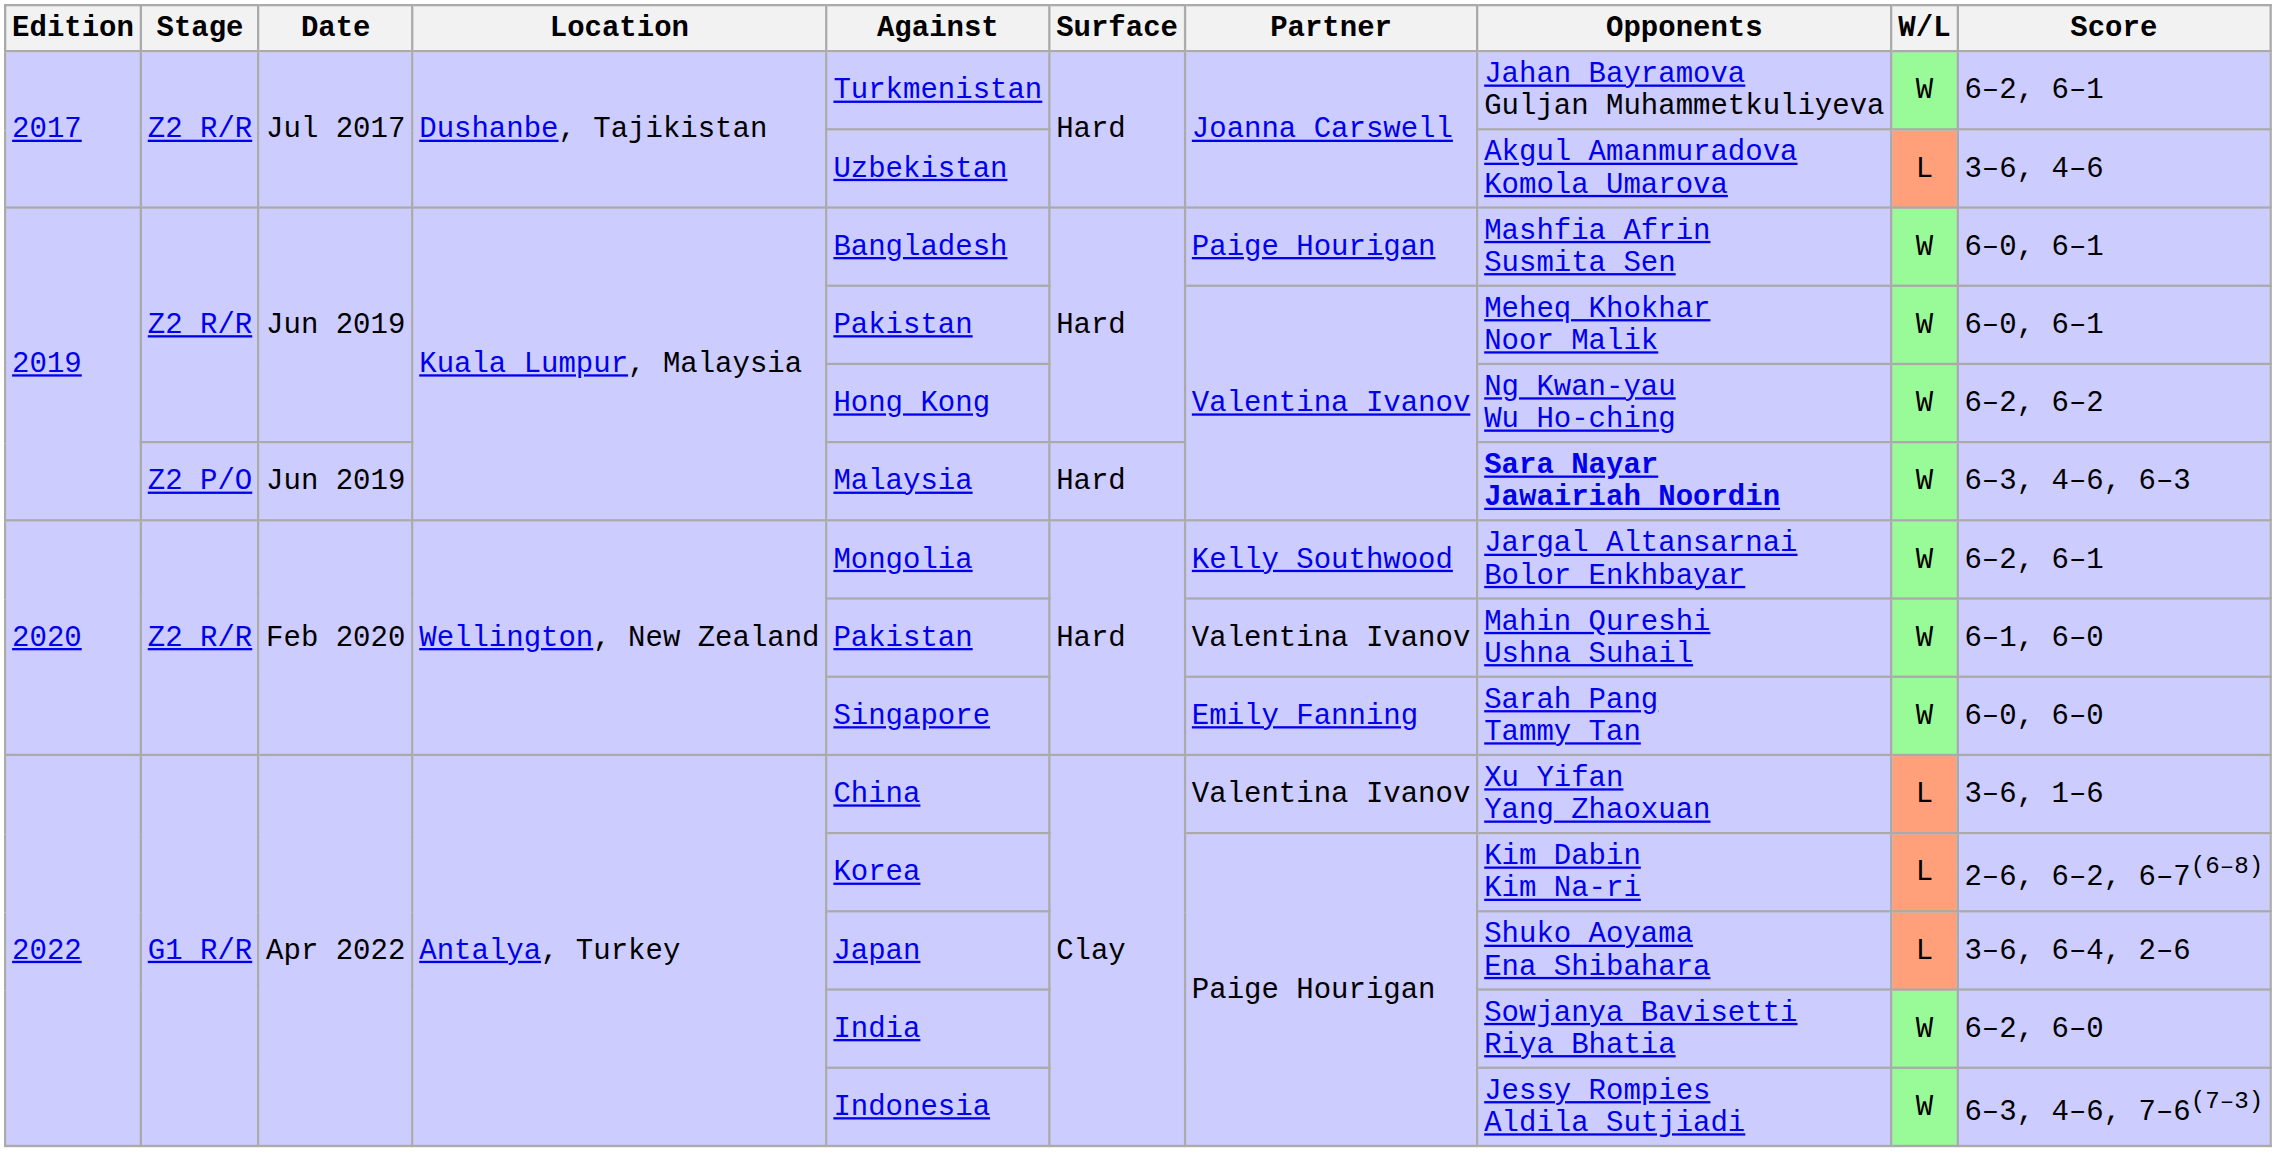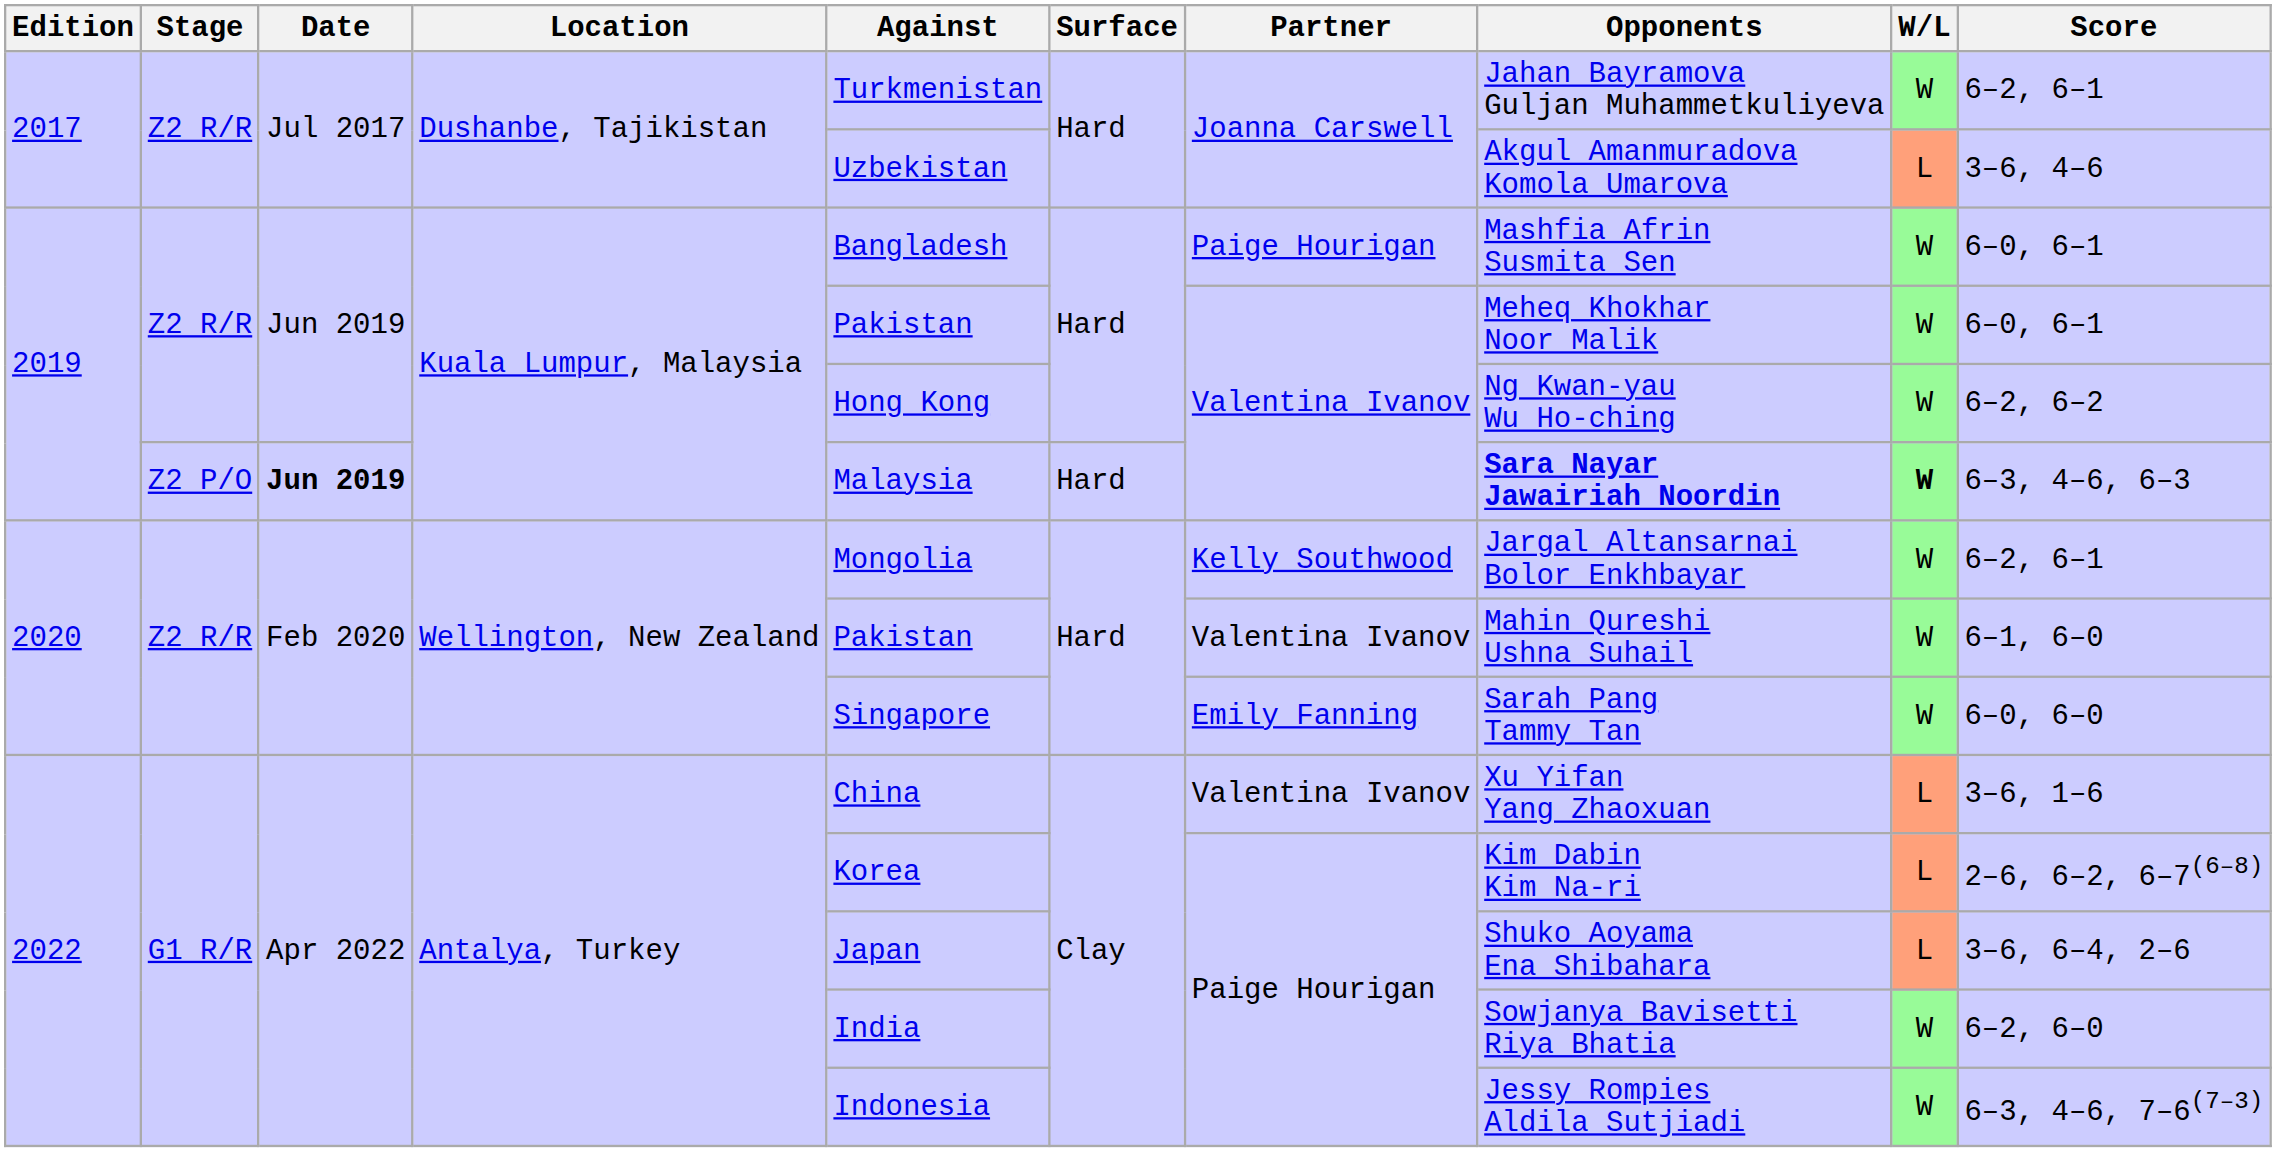 <table class=wikitable style=font-size:97%>
 <tr>
 <th>Edition</th>
 <th>Stage</th>
 <th>Date</th>
 <th>Location</th>
 <th>Against</th>
 <th>Surface</th>
 <th>Partner</th>
 <th>Opponents</th>
 <th>W/L</th>
 <th>Score</th>
 </tr>
 <tr style="background:#ccf;">
 <td rowspan="2"><a href='#'>2017</a></td>
 <td rowspan="2"><a href='#'>Z2 R/R</a></td>
 <td rowspan="2">Jul 2017</td>
 <td rowspan="2"><a href='#'>Dushanbe</a>, Tajikistan</td>
 <td> <a href='#'>Turkmenistan</a></td>
 <td rowspan="2">Hard</td>
 <td rowspan="2"><a href='#'>Joanna Carswell</a></td>
 <td> <a href='#'>Jahan Bayramova</a> <br>  Guljan Muhammetkuliyeva</td>
 <td style="text-align:center; background:#98fb98;">W</td>
 <td>6–2, 6–1</td>
 </tr>
 <tr style="background:#ccf;">
 <td> <a href='#'>Uzbekistan</a></td>
 <td> <a href='#'>Akgul Amanmuradova</a> <br>  <a href='#'>Komola Umarova</a></td>
 <td style="text-align:center; background:#ffa07a;">L</td>
 <td>3–6, 4–6</td>
 </tr>
 <tr style="background:#ccf;">
 <td rowspan="4"><a href='#'>2019</a></td>
 <td rowspan="3"><a href='#'>Z2 R/R</a></td>
 <td rowspan="3">Jun 2019</td>
 <td rowspan="4"><a href='#'>Kuala Lumpur</a>, Malaysia</td>
 <td> <a href='#'>Bangladesh</a></td>
 <td rowspan="3">Hard</td>
 <td><a href='#'>Paige Hourigan</a></td>
 <td> <a href='#'>Mashfia Afrin</a> <br>  <a href='#'>Susmita Sen</a></td>
 <td style="text-align:center; background:#98fb98;">W</td>
 <td>6–0, 6–1</td>
 </tr>
 <tr style="background:#ccf;">
 <td> <a href='#'>Pakistan</a></td>
 <td rowspan="3"><a href='#'>Valentina Ivanov</a></td>
 <td> <a href='#'>Meheq Khokhar</a> <br>  <a href='#'>Noor Malik</a></td>
 <td style="text-align:center; background:#98fb98;">W</td>
 <td>6–0, 6–1</td>
 </tr>
 <tr style="background:#ccf;">
 <td> <a href='#'>Hong Kong</a></td>
 <td> <a href='#'>Ng Kwan-yau</a> <br>  <a href='#'>Wu Ho-ching</a></td>
 <td style="text-align:center; background:#98fb98;">W</td>
 <td>6–2, 6–2</td>
 </tr>
 <tr style="background:#ccf;">
 <td><a href='#'>Z2 P/O</a></td>
-<td>Jun 2019</td>
+<td><strong>Jun 2019</strong></td>
 <td> <a href='#'>Malaysia</a></td>
 <td>Hard</td>
 <td><strong> <a href='#'>Sara Nayar</a> <br>  <a href='#'>Jawairiah Noordin</a></strong></td>
-<td style="text-align:center; background:#98fb98;">W</td>
+<td style="text-align:center; background:#98fb98;"><strong>W</strong></td>
 <td>6–3, 4–6, 6–3</td>
 </tr>
 <tr style="background:#ccf;">
 <td rowspan="3"><a href='#'>2020</a></td>
 <td rowspan="3"><a href='#'>Z2 R/R</a></td>
 <td rowspan="3">Feb 2020</td>
 <td rowspan="3"><a href='#'>Wellington</a>, New Zealand</td>
 <td> <a href='#'>Mongolia</a></td>
 <td rowspan="3">Hard</td>
 <td><a href='#'>Kelly Southwood</a></td>
 <td> <a href='#'>Jargal Altansarnai</a> <br>  <a href='#'>Bolor Enkhbayar</a></td>
 <td style="text-align:center; background:#98fb98;">W</td>
 <td>6–2, 6–1</td>
 </tr>
 <tr style="background:#ccf;">
 <td> <a href='#'>Pakistan</a></td>
 <td>Valentina Ivanov</td>
 <td> <a href='#'>Mahin Qureshi</a> <br>  <a href='#'>Ushna Suhail</a></td>
 <td style="text-align:center; background:#98fb98;">W</td>
 <td>6–1, 6–0</td>
 </tr>
 <tr style="background:#ccf;">
 <td> <a href='#'>Singapore</a></td>
 <td><a href='#'>Emily Fanning</a></td>
 <td> <a href='#'>Sarah Pang</a> <br>  <a href='#'>Tammy Tan</a></td>
 <td style="text-align:center; background:#98fb98;">W</td>
 <td>6–0, 6–0</td>
 </tr>
 <tr style="background:#ccf;">
 <td rowspan="5"><a href='#'>2022</a></td>
 <td rowspan="5"><a href='#'>G1 R/R</a></td>
 <td rowspan="5">Apr 2022</td>
 <td rowspan="5"><a href='#'>Antalya</a>, Turkey</td>
 <td> <a href='#'>China</a></td>
 <td rowspan="5">Clay</td>
 <td>Valentina Ivanov</td>
 <td> <a href='#'>Xu Yifan</a> <br>  <a href='#'>Yang Zhaoxuan</a></td>
 <td style="text-align:center; background:#ffa07a;">L</td>
 <td>3–6, 1–6</td>
 </tr>
 <tr style="background:#ccf;">
 <td> <a href='#'>Korea</a></td>
 <td rowspan="4">Paige Hourigan</td>
 <td> <a href='#'>Kim Dabin</a> <br>  <a href='#'>Kim Na-ri</a></td>
 <td style="text-align:center; background:#ffa07a;">L</td>
 <td>2–6, 6–2, 6–7<sup>(6–8)</sup></td>
 </tr>
 <tr style="background:#ccf;">
 <td> <a href='#'>Japan</a></td>
 <td> <a href='#'>Shuko Aoyama</a> <br>  <a href='#'>Ena Shibahara</a></td>
 <td style="text-align:center; background:#ffa07a;">L</td>
 <td>3–6, 6–4, 2–6</td>
 </tr>
 <tr style="background:#ccf;">
 <td> <a href='#'>India</a></td>
 <td> <a href='#'>Sowjanya Bavisetti</a> <br>  <a href='#'>Riya Bhatia</a></td>
 <td style="text-align:center; background:#98fb98;">W</td>
 <td>6–2, 6–0</td>
 </tr>
 <tr style="background:#ccf;">
 <td> <a href='#'>Indonesia</a></td>
 <td> <a href='#'>Jessy Rompies</a> <br>  <a href='#'>Aldila Sutjiadi</a></td>
 <td style="text-align:center; background:#98fb98;">W</td>
 <td>6–3, 4–6, 7–6<sup>(7–3)</sup></td>
 </tr>
 </table>
